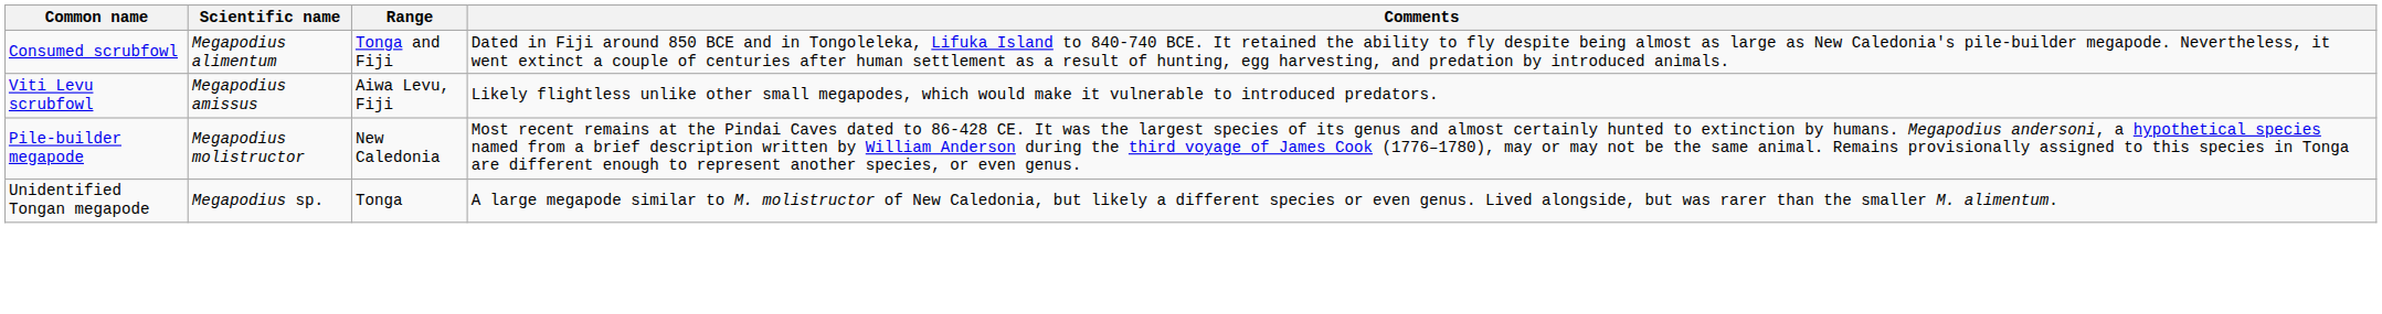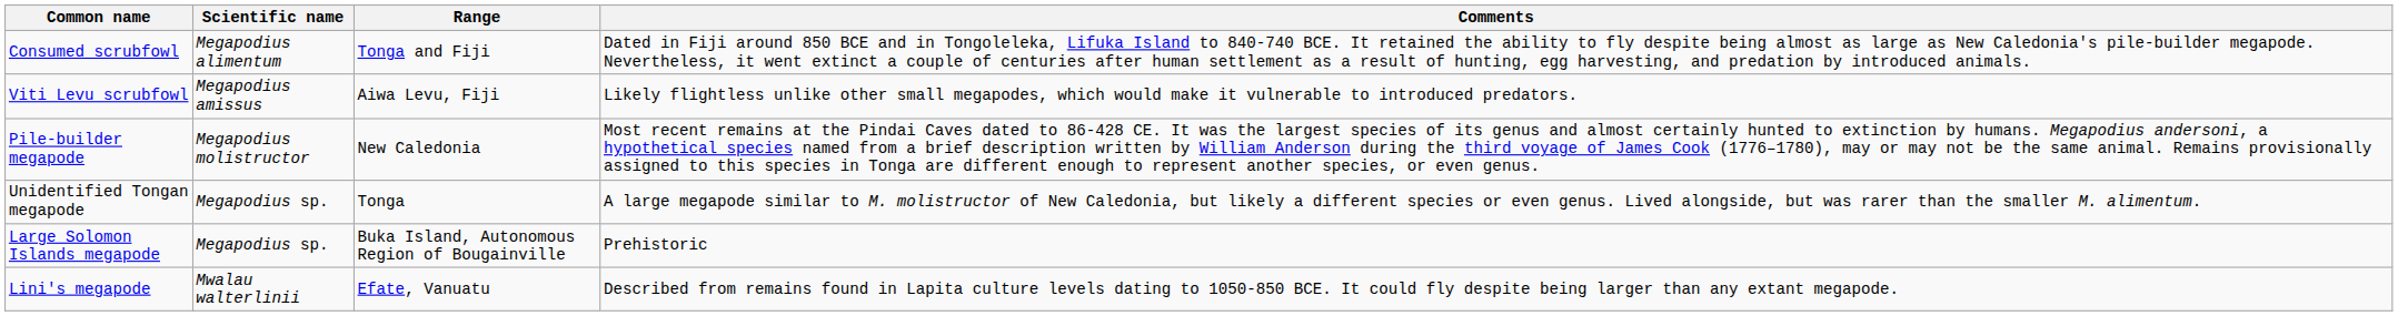 <table class="wikitable">
 <tr>
 <th>Common name</th>
 <th>Scientific name</th>
 <th>Range</th>
 <th class="unsortable">Comments</th>
 </tr>
 <tr>
 <td><a href='#'>Consumed scrubfowl</a></td>
 <td><em>Megapodius alimentum</em></td>
 <td><a href='#'>Tonga</a> and Fiji</td>
 <td>Dated in Fiji around 850 BCE and in Tongoleleka, <a href='#'>Lifuka Island</a> to 840-740 BCE. It retained the ability to fly despite being almost as large as New Caledonia's pile-builder megapode. Nevertheless, it went extinct a couple of centuries after human settlement as a result of hunting, egg harvesting, and predation by introduced animals.</td>
 </tr>
 <tr>
 <td><a href='#'>Viti Levu scrubfowl</a></td>
 <td><em>Megapodius amissus</em></td>
 <td>Aiwa Levu, Fiji</td>
 <td>Likely flightless unlike other small megapodes, which would make it vulnerable to introduced predators.</td>
 </tr>
 <tr>
 <td><a href='#'>Pile-builder megapode</a></td>
 <td><em>Megapodius molistructor</em></td>
 <td>New Caledonia</td>
 <td>Most recent remains at the Pindai Caves dated to 86-428 CE. It was the largest species of its genus and almost certainly hunted to extinction by humans. <em>Megapodius andersoni</em>, a <a href='#'>hypothetical species</a> named from a brief description written by <a href='#'>William Anderson</a> during the <a href='#'>third voyage of James Cook</a> (1776–1780), may or may not be the same animal. Remains provisionally assigned to this species in Tonga are different enough to represent another species, or even genus.</td>
 </tr>
 <tr>
 <td>Unidentified Tongan megapode</td>
 <td><em>Megapodius</em> sp.</td>
 <td>Tonga</td>
 <td>A large megapode similar to <em>M. molistructor</em> of New Caledonia, but likely a different species or even genus. Lived alongside, but was rarer than the smaller <em>M. alimentum</em>.</td>
 </tr>
+<tr>
+<td><a href='#'>Large Solomon Islands megapode</a></td>
+<td><em>Megapodius</em> sp.</td>
+<td>Buka Island, Autonomous Region of Bougainville</td>
+<td>Prehistoric</td>
+</tr>
+<tr>
+<td><a href='#'>Lini's megapode</a></td>
+<td><em>Mwalau walterlinii</em></td>
+<td><a href='#'>Efate</a>, Vanuatu</td>
+<td>Described from remains found in Lapita culture levels dating to 1050-850 BCE. It could fly despite being larger than any extant megapode.</td>
+</tr>
 </table>
